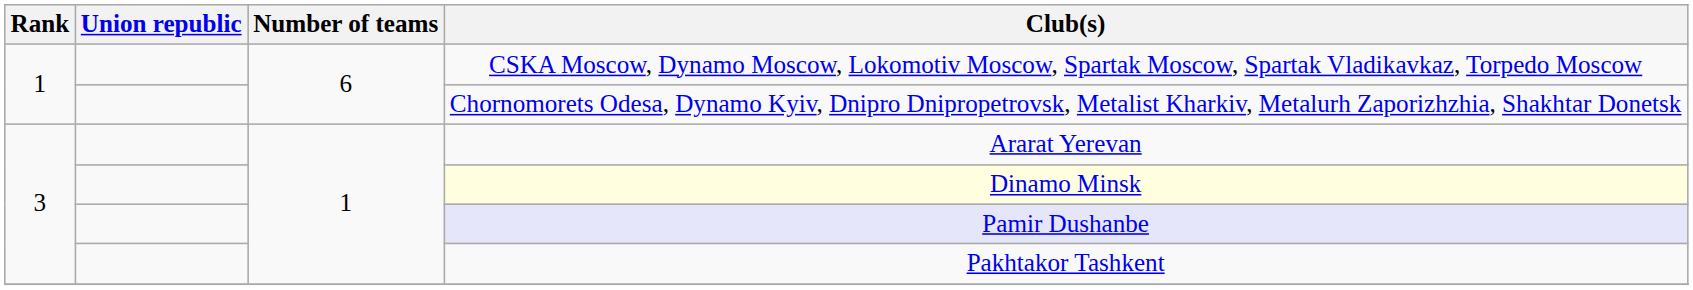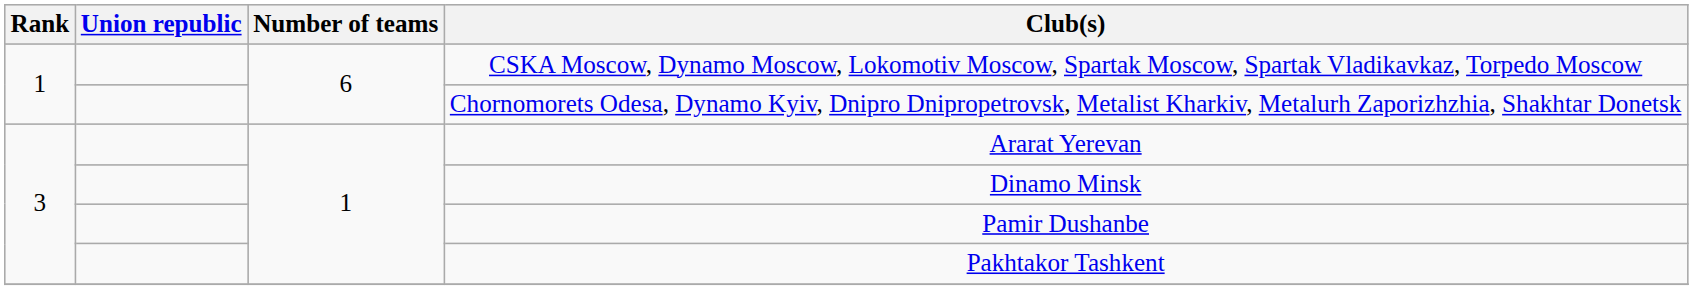 <table class="wikitable">
 <tr>
 <th>Rank</th>
 <th><a href='#'>Union republic</a></th>
 <th>Number of teams</th>
 <th>Club(s)</th>
 </tr>
 <tr>
 <td align="center" rowspan=2>1</td>
 <td></td>
 <td align="center" rowspan=2>6</td>
 <td align="center"><a href='#'>CSKA Moscow</a>, <a href='#'>Dynamo Moscow</a>, <a href='#'>Lokomotiv Moscow</a>, <a href='#'>Spartak Moscow</a>, <a href='#'>Spartak Vladikavkaz</a>, <a href='#'>Torpedo Moscow</a></td>
 </tr>
 <tr>
 <td></td>
 <td align="center"><a href='#'>Chornomorets Odesa</a>, <a href='#'>Dynamo Kyiv</a>, <a href='#'>Dnipro Dnipropetrovsk</a>, <a href='#'>Metalist Kharkiv</a>, <a href='#'>Metalurh Zaporizhzhia</a>, <a href='#'>Shakhtar Donetsk</a></td>
 </tr>
 <tr>
 <td align="center" rowspan=4>3</td>
 <td></td>
 <td align="center" rowspan=4>1</td>
 <td align="center"><a href='#'>Ararat Yerevan</a></td>
 </tr>
 <tr>
 <td></td>
-<td align="center" style="background: lightyellow;"><a href='#'>Dinamo Minsk</a></td>
+<td align="center"><a href='#'>Dinamo Minsk</a></td>
 </tr>
 <tr>
 <td></td>
-<td align="center" style="background: lavender;"><a href='#'>Pamir Dushanbe</a></td>
+<td align="center"><a href='#'>Pamir Dushanbe</a></td>
 </tr>
 <tr>
 <td></td>
 <td align="center"><a href='#'>Pakhtakor Tashkent</a></td>
 </tr>
 <tr>
 </tr>
 </table>
